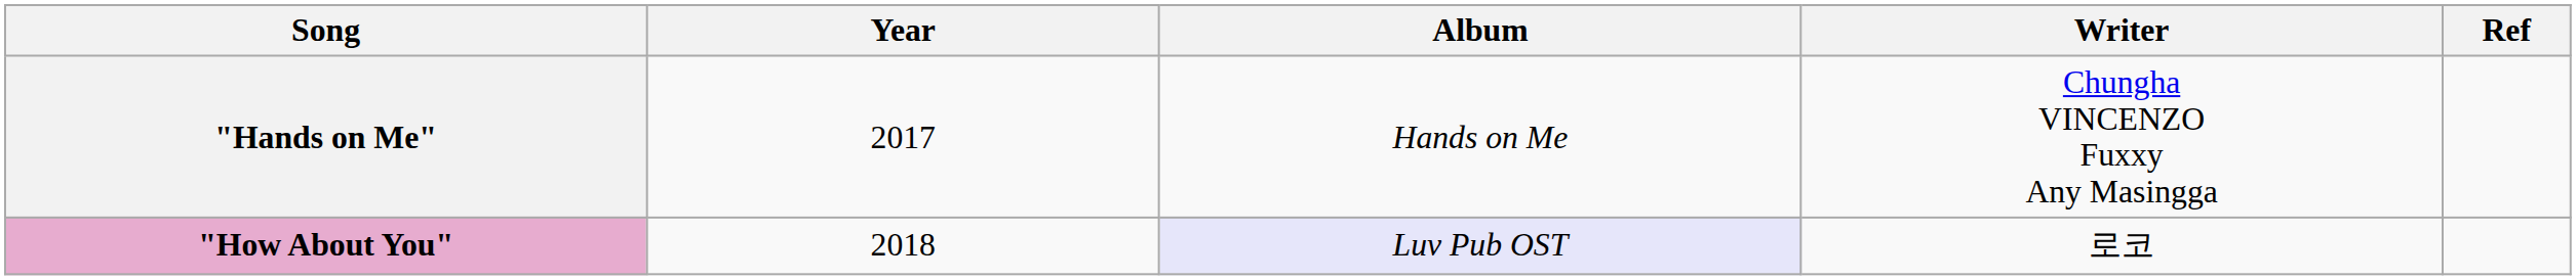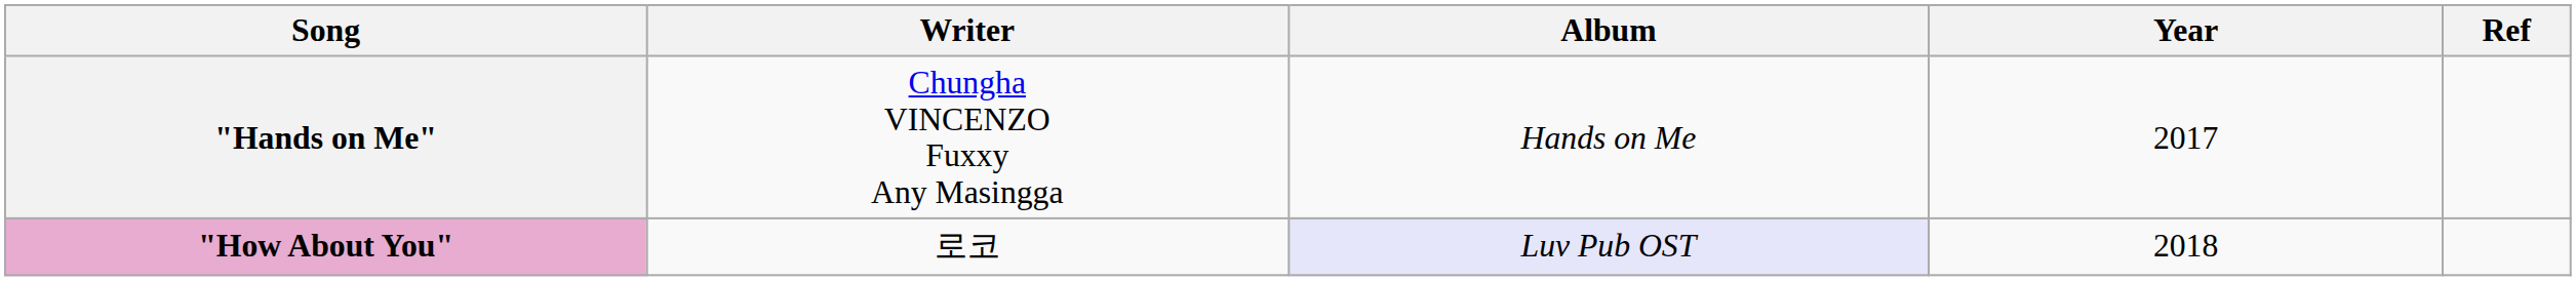 <table class="wikitable" style="text-align:center; width:100%">
 <tr>
 <th style="width:25%">Song</th>
+<th style="width:25%">Writer</th>
+<th style="width:25%">Album</th>
 <th style="width:20%">Year</th>
-<th style="width:25%">Album</th>
-<th style="width:25%">Writer</th>
 <th style="width:5%">Ref</th>
 </tr>
 <tr>
 <th scope="row">"Hands on Me"</th>
+<td><a href='#'>Chungha</a><br>VINCENZO<br>Fuxxy<br>Any Masingga</td>
+<td><em>Hands on Me</em></td>
 <td>2017</td>
-<td><em>Hands on Me</em></td>
-<td><a href='#'>Chungha</a><br>VINCENZO<br>Fuxxy<br>Any Masingga</td>
 <td></td>
 </tr>
 <tr>
 <th scope="row" style="background-color:#E7ACCF">"How About You" </th>
+<td>로코</td>
+<td style="background: lavender;"><em>Luv Pub  OST</em></td>
 <td>2018</td>
-<td style="background: lavender;"><em>Luv Pub  OST</em></td>
-<td>로코</td>
 <td></td>
 </tr>
 </table>
